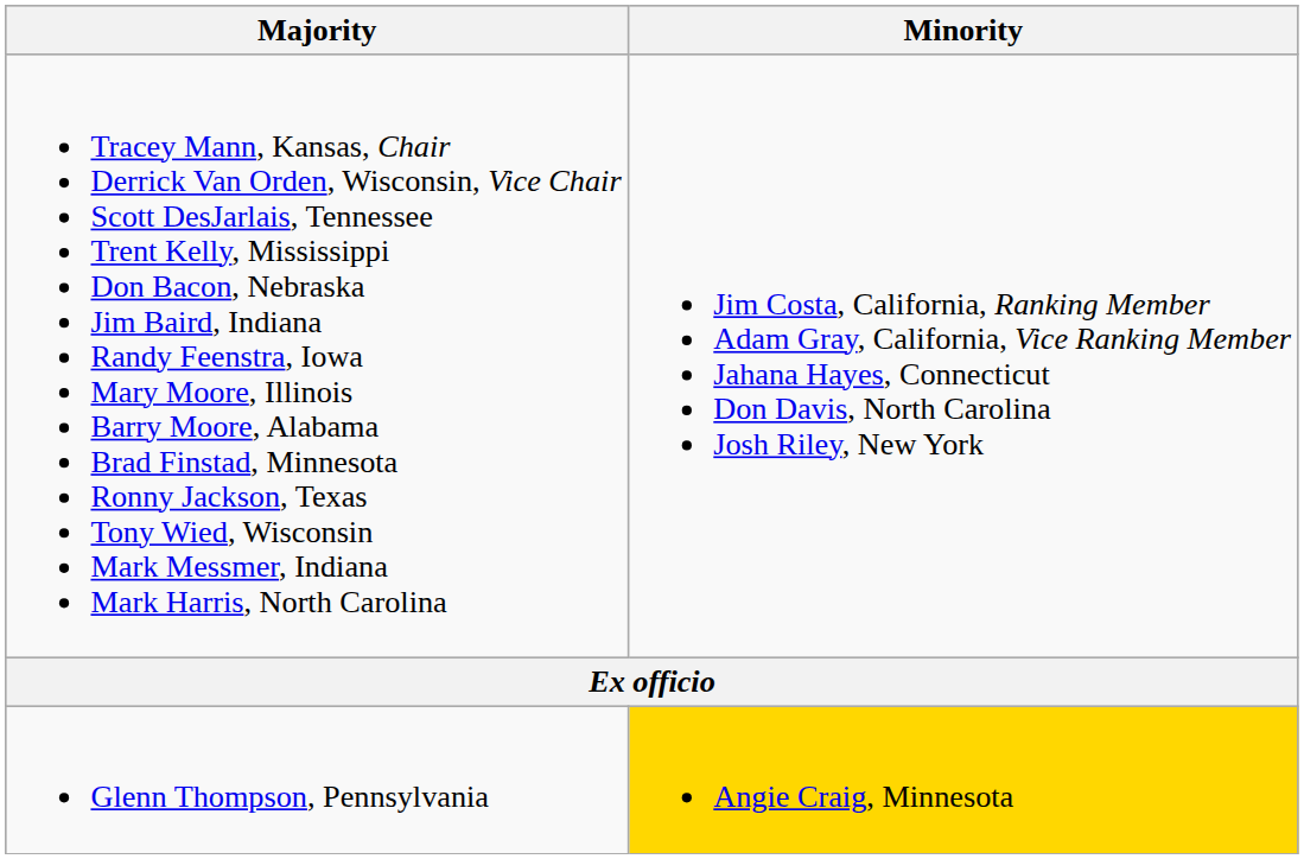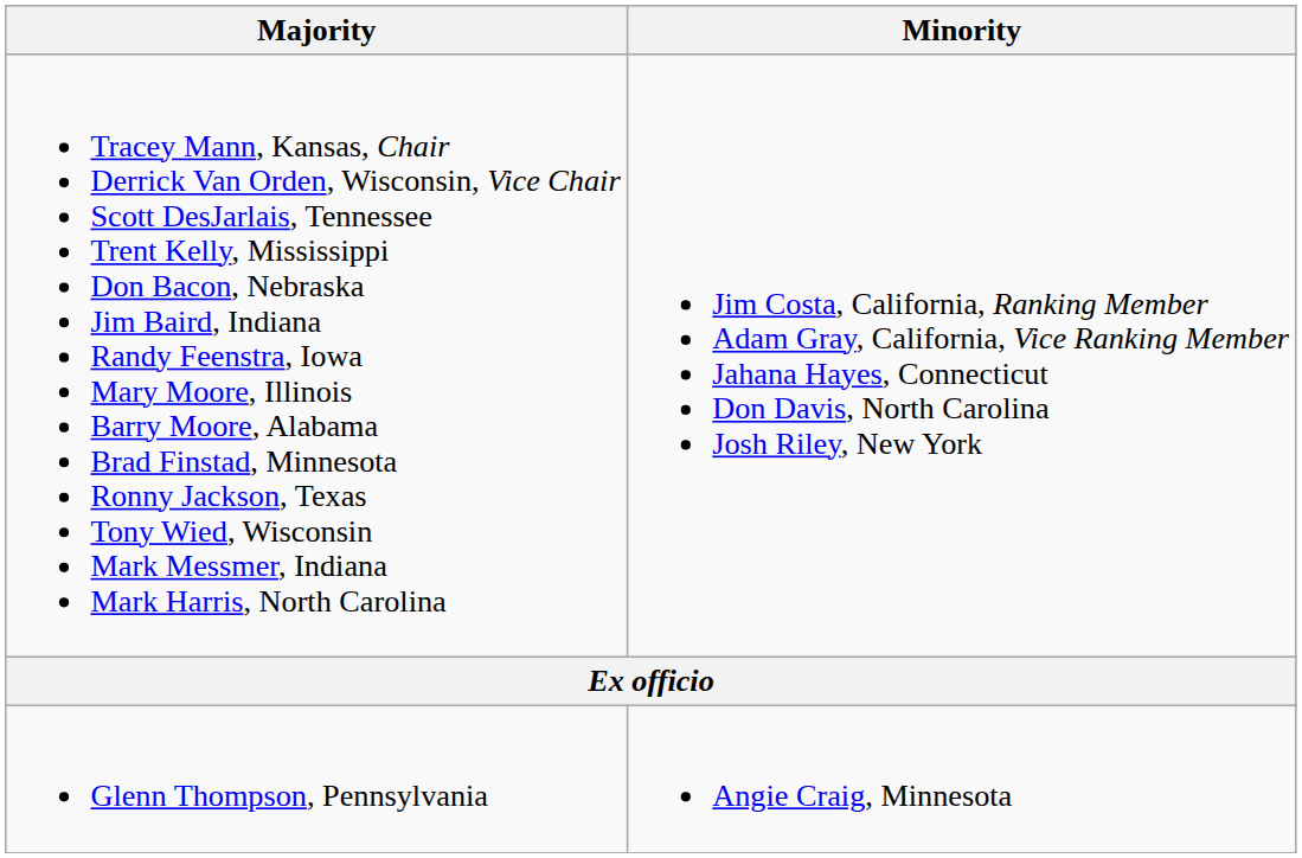 <table class=wikitable>
 <tr>
 <th>Majority</th>
 <th>Minority</th>
 </tr>
 <tr>
 <td><br><ul><li><a href='#'>Tracey Mann</a>, Kansas, <em>Chair</em></li><li><a href='#'>Derrick Van Orden</a>, Wisconsin, <em>Vice Chair</em></li><li><a href='#'>Scott DesJarlais</a>, Tennessee</li><li><a href='#'>Trent Kelly</a>, Mississippi</li><li><a href='#'>Don Bacon</a>, Nebraska</li><li><a href='#'>Jim Baird</a>, Indiana</li><li><a href='#'>Randy Feenstra</a>, Iowa</li><li><a href='#'>Mary Moore</a>, Illinois</li><li><a href='#'>Barry Moore</a>, Alabama</li><li><a href='#'>Brad Finstad</a>, Minnesota</li><li><a href='#'>Ronny Jackson</a>, Texas</li><li><a href='#'>Tony Wied</a>, Wisconsin</li><li><a href='#'>Mark Messmer</a>, Indiana</li><li><a href='#'>Mark Harris</a>, North Carolina</li></ul></td>
 <td><br><ul><li><a href='#'>Jim Costa</a>, California, <em>Ranking Member</em></li><li><a href='#'>Adam Gray</a>, California, <em>Vice Ranking Member</em></li><li><a href='#'>Jahana Hayes</a>, Connecticut</li><li><a href='#'>Don Davis</a>, North Carolina</li><li><a href='#'>Josh Riley</a>, New York</li></ul></td>
 </tr>
 <tr>
 <th colspan=2><em>Ex officio</em></th>
 </tr>
 <tr>
 <td><br><ul><li><a href='#'>Glenn Thompson</a>, Pennsylvania</li></ul></td>
-<td style="background: gold;"><br><ul><li><a href='#'>Angie Craig</a>, Minnesota</li></ul></td>
+<td><br><ul><li><a href='#'>Angie Craig</a>, Minnesota</li></ul></td>
 </tr>
 </table>
